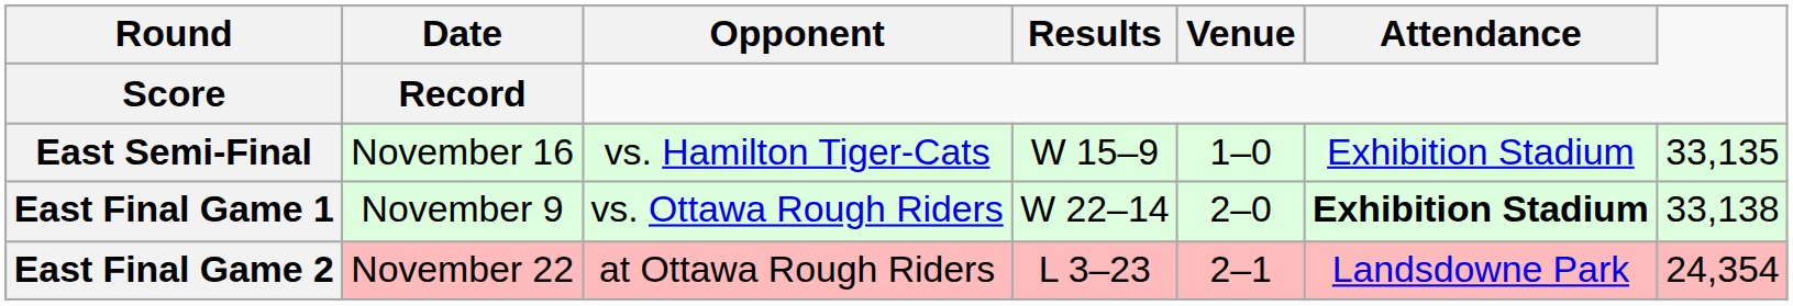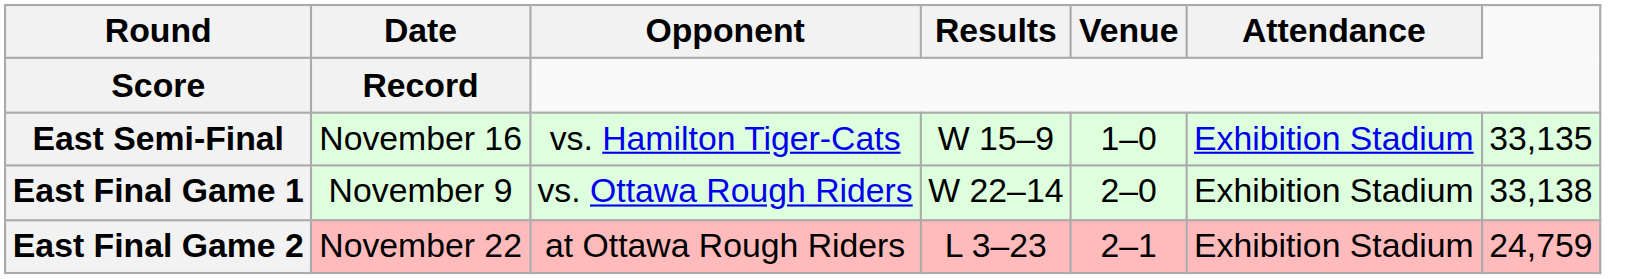 <table class="wikitable" style="text-align:center">
 <tr>
 <th>Round</th>
 <th>Date</th>
 <th>Opponent</th>
 <th>Results</th>
 <th>Venue</th>
 <th>Attendance</th>
 </tr>
 <tr>
 <th>Score</th>
 <th>Record</th>
 </tr>
 <tr style="background:#ddffdd">
 <th>East Semi-Final</th>
 <td>November 16</td>
 <td>vs. <a href='#'>Hamilton Tiger-Cats</a></td>
 <td>W 15–9</td>
 <td>1–0</td>
 <td><a href='#'>Exhibition Stadium</a></td>
 <td>33,135</td>
 </tr>
 <tr style="background:#ddffdd">
 <th>East Final Game 1</th>
 <td>November 9</td>
 <td>vs. <a href='#'>Ottawa Rough Riders</a></td>
 <td>W 22–14</td>
 <td>2–0</td>
-<td><strong>Exhibition Stadium</strong></td>
+<td>Exhibition Stadium</td>
 <td>33,138</td>
 </tr>
 <tr style="background:#ffbbbb">
 <th>East Final Game 2</th>
 <td>November 22</td>
 <td>at Ottawa Rough Riders</td>
 <td>L 3–23</td>
 <td>2–1</td>
-<td><a href='#'>Landsdowne Park</a></td>
-<td>24,354</td>
+<td>Exhibition Stadium</td>
+<td>24,759</td>
 </tr>
 </table>
